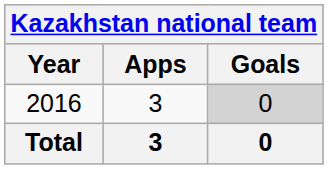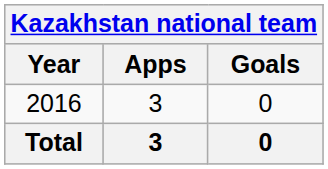 <table class="wikitable" style="text-align:center">
 <tr>
 <th colspan=3><a href='#'>Kazakhstan national team</a></th>
 </tr>
 <tr>
 <th>Year</th>
 <th>Apps</th>
 <th>Goals</th>
 </tr>
 <tr>
 <td>2016</td>
 <td>3</td>
-<td style="background: lightgrey;">0</td>
+<td>0</td>
 </tr>
 <tr>
 <th>Total</th>
 <th>3</th>
 <th>0</th>
 </tr>
 </table>
